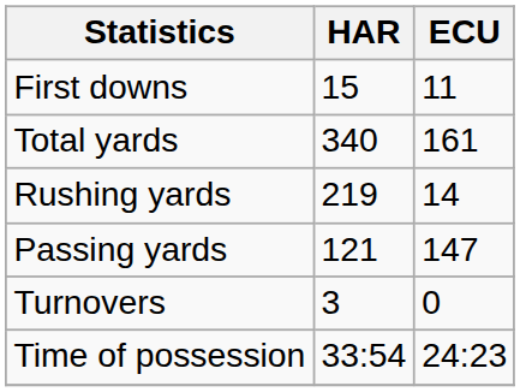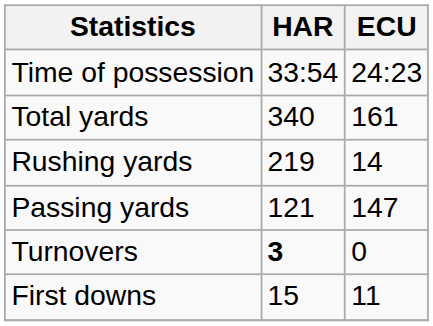 <table class="wikitable" style="float: left;">
 <tr>
 <th>Statistics</th>
 <th>HAR</th>
 <th>ECU</th>
 </tr>
 <tr>
-<td>First downs</td>
-<td>15</td>
-<td>11</td>
+<td>Time of possession</td>
+<td>33:54</td>
+<td>24:23</td>
 </tr>
 <tr>
 <td>Total yards</td>
 <td>340</td>
 <td>161</td>
 </tr>
 <tr>
 <td>Rushing yards</td>
 <td>219</td>
 <td>14</td>
 </tr>
 <tr>
 <td>Passing yards</td>
 <td>121</td>
 <td>147</td>
 </tr>
 <tr>
 <td>Turnovers</td>
-<td>3</td>
+<td><strong>3</strong></td>
 <td>0</td>
 </tr>
 <tr>
-<td>Time of possession</td>
-<td>33:54</td>
-<td>24:23</td>
+<td>First downs</td>
+<td>15</td>
+<td>11</td>
 </tr>
 <tr>
 </tr>
 </table>
